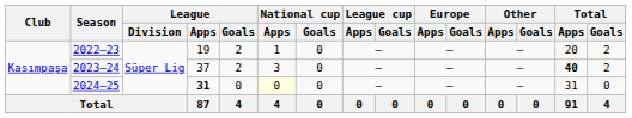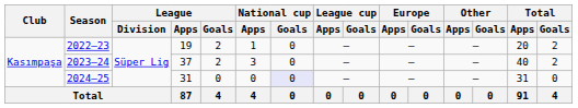 <table class="wikitable" style="text-align:center">
 <tr>
 <th rowspan="2">Club</th>
 <th rowspan="2">Season</th>
 <th colspan="3">League</th>
 <th colspan="2">National cup</th>
 <th colspan="2">League cup</th>
 <th colspan="2">Europe</th>
 <th colspan="2">Other</th>
 <th colspan="2">Total</th>
 </tr>
 <tr>
 <th>Division</th>
 <th>Apps</th>
 <th>Goals</th>
 <th>Apps</th>
 <th>Goals</th>
 <th>Apps</th>
 <th>Goals</th>
 <th>Apps</th>
 <th>Goals</th>
 <th>Apps</th>
 <th>Goals</th>
 <th>Apps</th>
 <th>Goals</th>
 </tr>
 <tr>
 <td rowspan="3"><a href='#'>Kasımpaşa</a></td>
 <td><a href='#'>2022–23</a></td>
 <td rowspan="3"><a href='#'>Süper Lig</a></td>
 <td>19</td>
 <td>2</td>
 <td>1</td>
 <td>0</td>
 <td colspan="2">—</td>
 <td colspan="2">—</td>
 <td colspan="2">—</td>
 <td>20</td>
 <td>2</td>
 </tr>
 <tr>
 <td><a href='#'>2023–24</a></td>
 <td>37</td>
 <td>2</td>
 <td>3</td>
 <td>0</td>
 <td colspan="2">—</td>
 <td colspan="2">—</td>
 <td colspan="2">—</td>
-<td><strong>40</strong></td>
+<td>40</td>
 <td>2</td>
 </tr>
 <tr>
 <td><a href='#'>2024–25</a></td>
-<td><strong>31</strong></td>
+<td>31</td>
 <td>0</td>
-<td style="background: lightyellow;">0</td>
 <td>0</td>
+<td style="background: lavender;">0</td>
 <td colspan="2">—</td>
 <td colspan="2">—</td>
 <td colspan="2">—</td>
 <td>31</td>
 <td>0</td>
 </tr>
 <tr>
 <th colspan="3">Total</th>
 <th>87</th>
 <th>4</th>
 <th>4</th>
 <th>0</th>
 <th>0</th>
 <th>0</th>
 <th>0</th>
 <th>0</th>
 <th>0</th>
 <th>0</th>
 <th>91</th>
 <th>4</th>
 </tr>
 </table>
